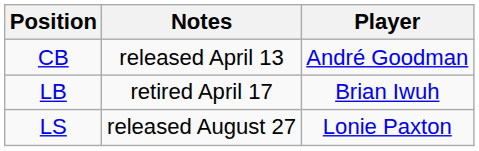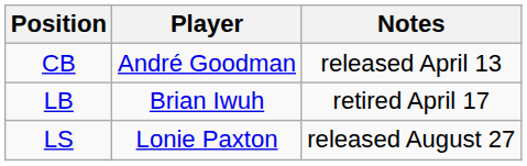 <table class="wikitable" style="text-align:center">
 <tr>
 <th>Position</th>
+<th>Player</th>
 <th>Notes</th>
-<th>Player</th>
 </tr>
 <tr>
 <td><a href='#'>CB</a></td>
+<td><a href='#'>André Goodman</a></td>
 <td>released April 13</td>
-<td><a href='#'>André Goodman</a></td>
 </tr>
 <tr>
 <td><a href='#'>LB</a></td>
+<td><a href='#'>Brian Iwuh</a></td>
 <td>retired April 17</td>
-<td><a href='#'>Brian Iwuh</a></td>
 </tr>
 <tr>
 <td><a href='#'>LS</a></td>
+<td><a href='#'>Lonie Paxton</a></td>
 <td>released August 27</td>
-<td><a href='#'>Lonie Paxton</a></td>
 </tr>
 </table>
